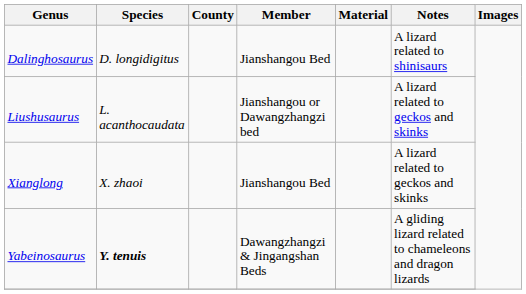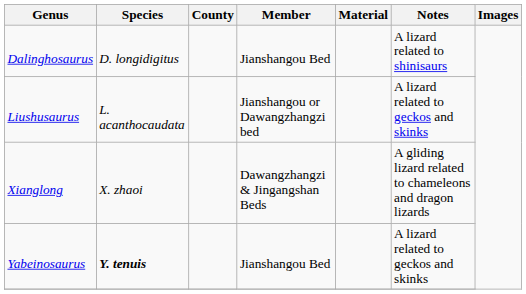 <table class="wikitable" align="center" width="100%">
 <tr>
 <th>Genus</th>
 <th>Species</th>
 <th>County</th>
 <th>Member</th>
 <th>Material</th>
 <th>Notes</th>
 <th>Images</th>
 </tr>
 <tr>
 <td><br><em><a href='#'>Dalinghosaurus</a></em></td>
 <td><br><em>D. longidigitus</em></td>
 <td></td>
 <td><br>Jianshangou Bed</td>
 <td></td>
 <td>A lizard related to <a href='#'>shinisaurs</a></td>
 <td rowspan="99"><br> </td>
 </tr>
 <tr>
 <td><br><em><a href='#'>Liushusaurus</a></em></td>
 <td><br><em>L. acanthocaudata</em></td>
 <td></td>
 <td><br>Jianshangou or Dawangzhangzi bed</td>
 <td></td>
 <td>A lizard related to <a href='#'>geckos</a> and <a href='#'>skinks</a></td>
 </tr>
 <tr>
 <td><br><em><a href='#'>Xianglong</a></em></td>
 <td><br><em>X. zhaoi</em></td>
 <td></td>
+<td><br>Dawangzhangzi & Jingangshan Beds</td>
+<td></td>
+<td>A gliding lizard related to chameleons and dragon lizards</td>
+</tr>
+<tr>
+<td><br><em><a href='#'>Yabeinosaurus</a></em></td>
+<td><strong><br><em>Y. tenuis</em></strong></td>
+<td></td>
 <td><br>Jianshangou Bed</td>
 <td></td>
 <td>A lizard related to geckos and skinks</td>
 </tr>
 <tr>
-<td><br><em><a href='#'>Yabeinosaurus</a></em></td>
-<td><strong><br><em>Y. tenuis</em></strong></td>
-<td></td>
-<td><br>Dawangzhangzi & Jingangshan Beds</td>
-<td></td>
-<td>A gliding lizard related to chameleons and dragon lizards</td>
-</tr>
-<tr>
 </tr>
 </table>
